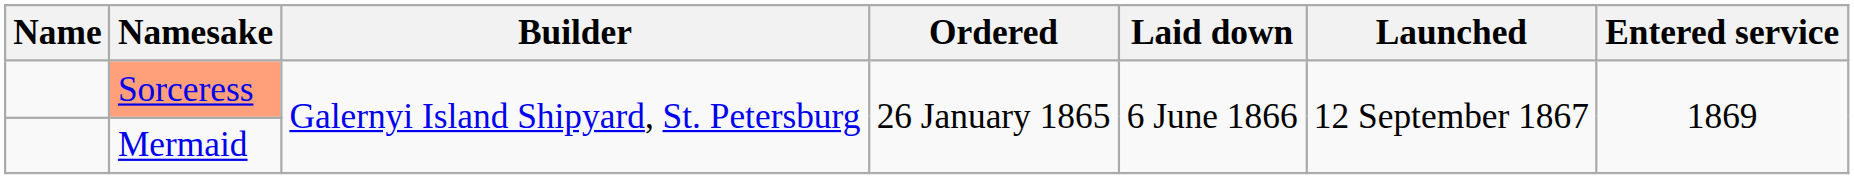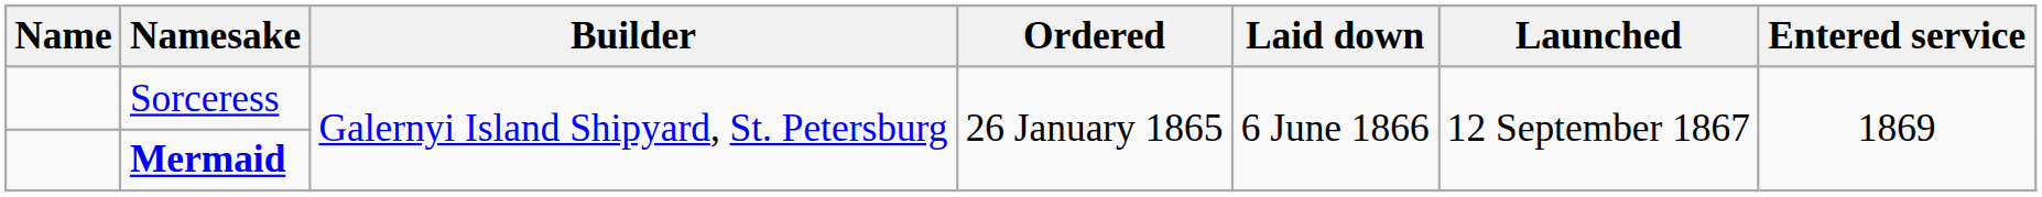 <table class=wikitable>
 <tr valign=top>
 <th>Name</th>
 <th>Namesake</th>
 <th>Builder</th>
 <th>Ordered</th>
 <th>Laid down</th>
 <th>Launched</th>
 <th>Entered service</th>
 </tr>
 <tr valign=middle>
 <td></td>
-<td style="background: lightsalmon;"><a href='#'>Sorceress</a></td>
+<td><a href='#'>Sorceress</a></td>
 <td align=center rowspan=2><a href='#'>Galernyi Island Shipyard</a>, <a href='#'>St. Petersburg</a></td>
 <td align=center rowspan=2>26 January 1865</td>
 <td align=center rowspan=2>6 June 1866</td>
 <td align=center rowspan=2>12 September 1867</td>
 <td align=center rowspan=2>1869</td>
 </tr>
 <tr valign=middle>
 <td></td>
-<td><a href='#'>Mermaid</a></td>
+<td><strong><a href='#'>Mermaid</a></strong></td>
 </tr>
 </table>
